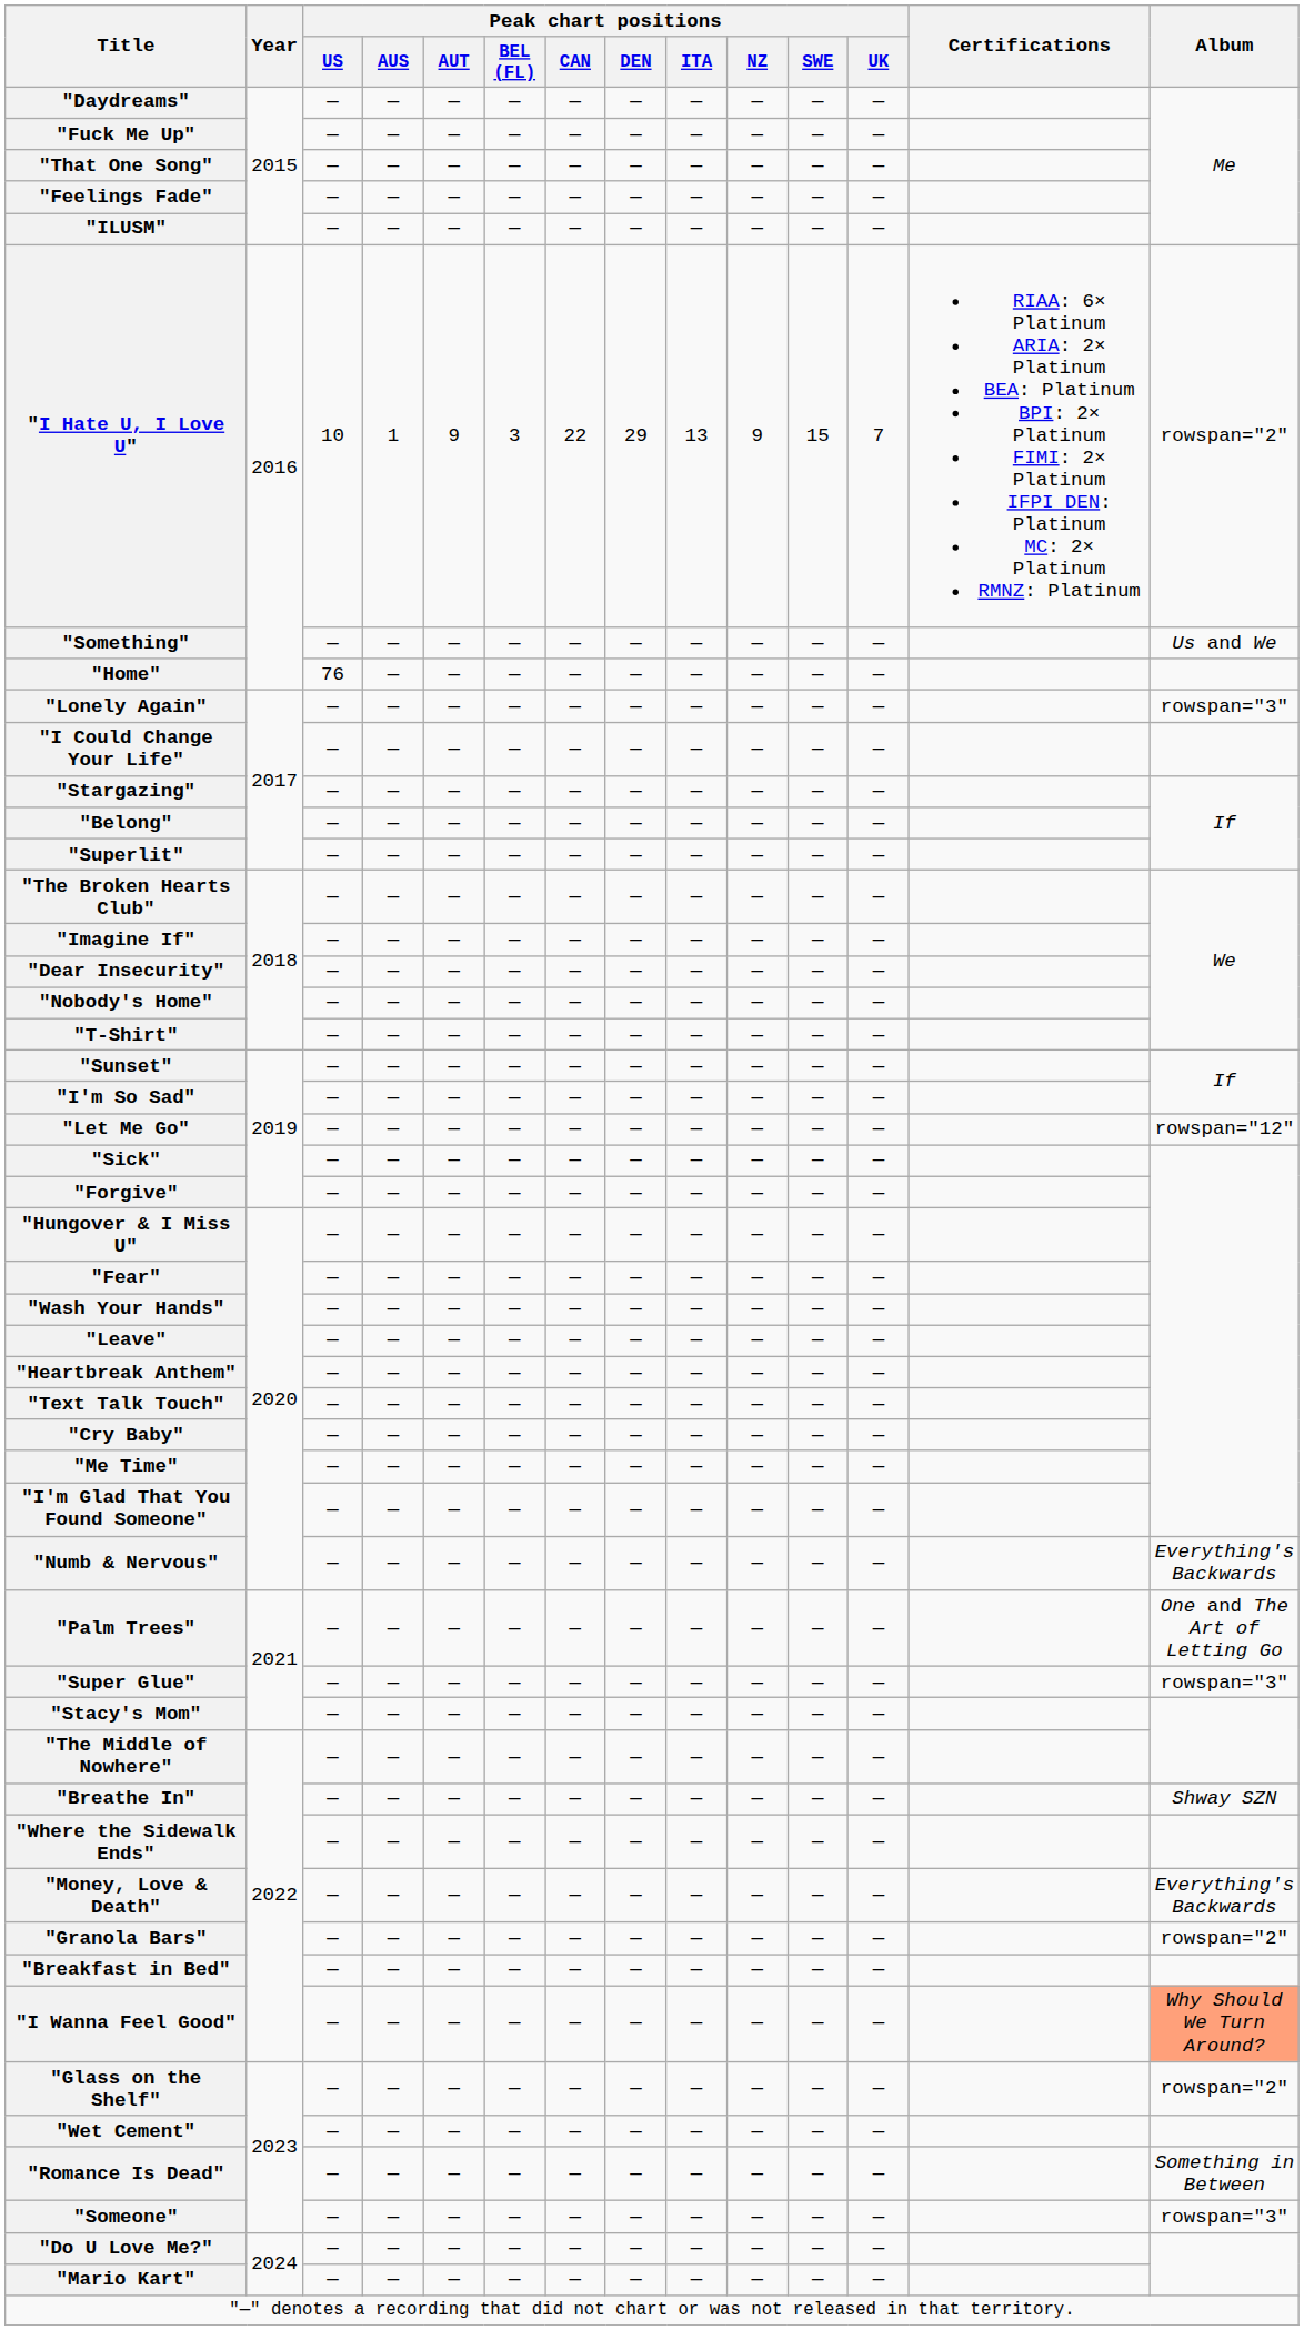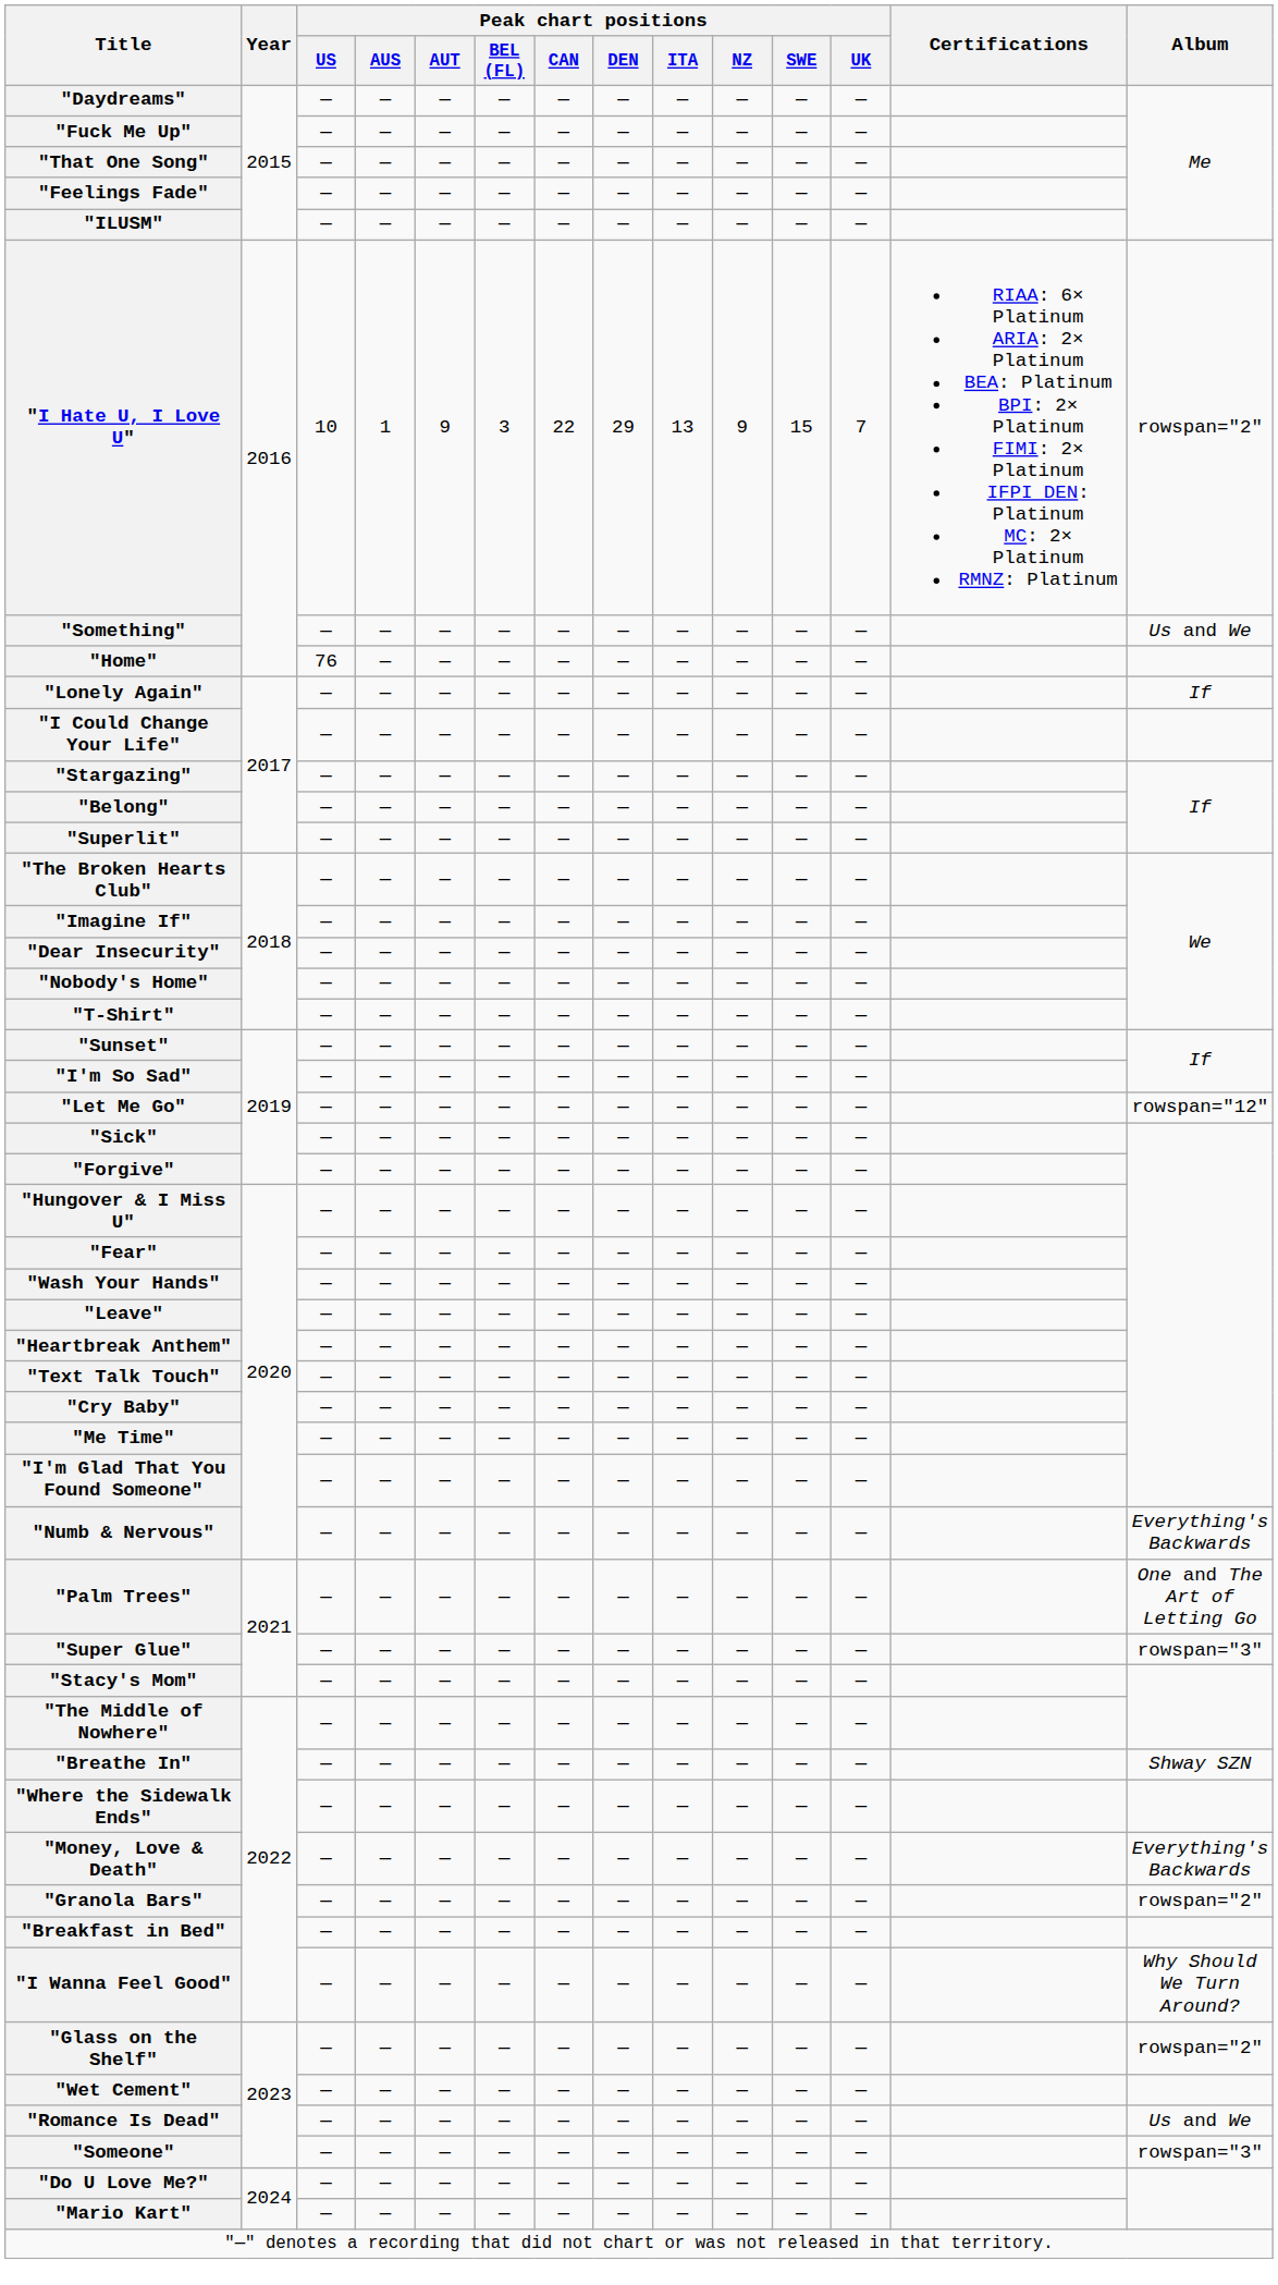 <table class="wikitable plainrowheaders" style="text-align:center;">
 <tr>
 <th scope="col" rowspan="2" style="width:12em;">Title</th>
 <th scope="col" rowspan="2" style="width:1em;">Year</th>
 <th scope="col" colspan="10">Peak chart positions</th>
 <th scope="col" rowspan="2" style="width:12em;">Certifications</th>
 <th scope="col" rowspan="2" style="width:6em;">Album</th>
 </tr>
 <tr>
 <th scope="col" style="width:3em;font-size:90%;"><a href='#'>US</a><br></th>
 <th scope="col" style="width:3em;font-size:90%;"><a href='#'>AUS</a><br></th>
 <th scope="col" style="width:3em;font-size:90%;"><a href='#'>AUT</a><br></th>
 <th scope="col" style="width:3em;font-size:90%;"><a href='#'>BEL<br>(FL)</a><br></th>
 <th scope="col" style="width:3em;font-size:90%;"><a href='#'>CAN</a><br></th>
 <th scope="col" style="width:3em;font-size:90%;"><a href='#'>DEN</a><br></th>
 <th scope="col" style="width:3em;font-size:90%;"><a href='#'>ITA</a><br></th>
 <th scope="col" style="width:3em;font-size:90%;"><a href='#'>NZ</a><br></th>
 <th scope="col" style="width:3em;font-size:90%;"><a href='#'>SWE</a><br></th>
 <th scope="col" style="width:3em;font-size:90%;"><a href='#'>UK</a><br></th>
 </tr>
 <tr>
 <th scope="row">"Daydreams" <br> </th>
 <td rowspan="5">2015</td>
 <td>—</td>
 <td>—</td>
 <td>—</td>
 <td>—</td>
 <td>—</td>
 <td>—</td>
 <td>—</td>
 <td>—</td>
 <td>—</td>
 <td>—</td>
 <td></td>
 <td rowspan="5"><em>Me</em></td>
 </tr>
 <tr>
 <th scope="row">"Fuck Me Up" </th>
 <td>—</td>
 <td>—</td>
 <td>—</td>
 <td>—</td>
 <td>—</td>
 <td>—</td>
 <td>—</td>
 <td>—</td>
 <td>—</td>
 <td>—</td>
 <td></td>
 </tr>
 <tr>
 <th scope="row">"That One Song" <br> </th>
 <td>—</td>
 <td>—</td>
 <td>—</td>
 <td>—</td>
 <td>—</td>
 <td>—</td>
 <td>—</td>
 <td>—</td>
 <td>—</td>
 <td>—</td>
 <td></td>
 </tr>
 <tr>
 <th scope="row">"Feelings Fade" <br> </th>
 <td>—</td>
 <td>—</td>
 <td>—</td>
 <td>—</td>
 <td>—</td>
 <td>—</td>
 <td>—</td>
 <td>—</td>
 <td>—</td>
 <td>—</td>
 <td></td>
 </tr>
 <tr>
 <th scope="row">"ILUSM"</th>
 <td>—</td>
 <td>—</td>
 <td>—</td>
 <td>—</td>
 <td>—</td>
 <td>—</td>
 <td>—</td>
 <td>—</td>
 <td>—</td>
 <td>—</td>
 <td></td>
 </tr>
 <tr>
 <th scope="row">"<a href='#'>I Hate U, I Love U</a>"<br> </th>
 <td rowspan="3">2016</td>
 <td>10</td>
 <td>1</td>
 <td>9</td>
 <td>3</td>
 <td>22</td>
 <td>29</td>
 <td>13</td>
 <td>9</td>
 <td>15</td>
 <td>7</td>
 <td><br><ul><li><a href='#'>RIAA</a>: 6× Platinum</li><li><a href='#'>ARIA</a>: 2× Platinum</li><li><a href='#'>BEA</a>: Platinum</li><li><a href='#'>BPI</a>: 2× Platinum</li><li><a href='#'>FIMI</a>: 2× Platinum</li><li><a href='#'>IFPI DEN</a>: Platinum</li><li><a href='#'>MC</a>: 2× Platinum</li><li><a href='#'>RMNZ</a>: Platinum</li></ul></td>
 <td>rowspan="2" </td>
 </tr>
 <tr>
 <th scope="row">"Something"</th>
 <td>—</td>
 <td>—</td>
 <td>—</td>
 <td>—</td>
 <td>—</td>
 <td>—</td>
 <td>—</td>
 <td>—</td>
 <td>—</td>
 <td>—</td>
 <td></td>
 <td><em>Us</em> and <em>We</em></td>
 </tr>
 <tr>
 <th scope="row">"Home"<br> </th>
 <td>76</td>
 <td>—</td>
 <td>—</td>
 <td>—</td>
 <td>—</td>
 <td>—</td>
 <td>—</td>
 <td>—</td>
 <td>—</td>
 <td>—</td>
 <td></td>
 </tr>
 <tr>
 <th scope="row">"Lonely Again"</th>
 <td rowspan="5">2017</td>
 <td>—</td>
 <td>—</td>
 <td>—</td>
 <td>—</td>
 <td>—</td>
 <td>—</td>
 <td>—</td>
 <td>—</td>
 <td>—</td>
 <td>—</td>
 <td></td>
-<td>rowspan="3" </td>
+<td><em>If</em></td>
 </tr>
 <tr>
 <th scope="row">"I Could Change Your Life"</th>
 <td>—</td>
 <td>—</td>
 <td>—</td>
 <td>—</td>
 <td>—</td>
 <td>—</td>
 <td>—</td>
 <td>—</td>
 <td>—</td>
 <td>—</td>
 <td></td>
 <td></td>
 </tr>
 <tr>
 <th scope="row">"Stargazing"<br> </th>
 <td>—</td>
 <td>—</td>
 <td>—</td>
 <td>—</td>
 <td>—</td>
 <td>—</td>
 <td>—</td>
 <td>—</td>
 <td>—</td>
 <td>—</td>
 <td></td>
 <td rowspan="3"><em>If</em></td>
 </tr>
 <tr>
 <th scope="row">"Belong"<br> </th>
 <td>—</td>
 <td>—</td>
 <td>—</td>
 <td>—</td>
 <td>—</td>
 <td>—</td>
 <td>—</td>
 <td>—</td>
 <td>—</td>
 <td>—</td>
 <td></td>
 </tr>
 <tr>
 <th scope="row">"Superlit"<br> </th>
 <td>—</td>
 <td>—</td>
 <td>—</td>
 <td>—</td>
 <td>—</td>
 <td>—</td>
 <td>—</td>
 <td>—</td>
 <td>—</td>
 <td>—</td>
 <td></td>
 </tr>
 <tr>
 <th scope="row">"The Broken Hearts Club"</th>
 <td rowspan="5">2018</td>
 <td>—</td>
 <td>—</td>
 <td>—</td>
 <td>—</td>
 <td>—</td>
 <td>—</td>
 <td>—</td>
 <td>—</td>
 <td>—</td>
 <td>—</td>
 <td></td>
 <td rowspan="5"><em>We</em></td>
 </tr>
 <tr>
 <th scope="row">"Imagine If"<br></th>
 <td>—</td>
 <td>—</td>
 <td>—</td>
 <td>—</td>
 <td>—</td>
 <td>—</td>
 <td>—</td>
 <td>—</td>
 <td>—</td>
 <td>—</td>
 <td></td>
 </tr>
 <tr>
 <th scope="row">"Dear Insecurity"<br></th>
 <td>—</td>
 <td>—</td>
 <td>—</td>
 <td>—</td>
 <td>—</td>
 <td>—</td>
 <td>—</td>
 <td>—</td>
 <td>—</td>
 <td>—</td>
 <td></td>
 </tr>
 <tr>
 <th scope="row">"Nobody's Home"</th>
 <td>—</td>
 <td>—</td>
 <td>—</td>
 <td>—</td>
 <td>—</td>
 <td>—</td>
 <td>—</td>
 <td>—</td>
 <td>—</td>
 <td>—</td>
 <td></td>
 </tr>
 <tr>
 <th scope="row">"T-Shirt"</th>
 <td>—</td>
 <td>—</td>
 <td>—</td>
 <td>—</td>
 <td>—</td>
 <td>—</td>
 <td>—</td>
 <td>—</td>
 <td>—</td>
 <td>—</td>
 <td></td>
 </tr>
 <tr>
 <th scope="row">"Sunset"</th>
 <td rowspan="5">2019</td>
 <td>—</td>
 <td>—</td>
 <td>—</td>
 <td>—</td>
 <td>—</td>
 <td>—</td>
 <td>—</td>
 <td>—</td>
 <td>—</td>
 <td>—</td>
 <td></td>
 <td rowspan="2"><em>If</em></td>
 </tr>
 <tr>
 <th scope="row">"I'm So Sad"</th>
 <td>—</td>
 <td>—</td>
 <td>—</td>
 <td>—</td>
 <td>—</td>
 <td>—</td>
 <td>—</td>
 <td>—</td>
 <td>—</td>
 <td>—</td>
 <td></td>
 </tr>
 <tr>
 <th scope="row">"Let Me Go"<br></th>
 <td>—</td>
 <td>—</td>
 <td>—</td>
 <td>—</td>
 <td>—</td>
 <td>—</td>
 <td>—</td>
 <td>—</td>
 <td>—</td>
 <td>—</td>
 <td></td>
 <td>rowspan="12" </td>
 </tr>
 <tr>
 <th scope="row">"Sick"<br></th>
 <td>—</td>
 <td>—</td>
 <td>—</td>
 <td>—</td>
 <td>—</td>
 <td>—</td>
 <td>—</td>
 <td>—</td>
 <td>—</td>
 <td>—</td>
 <td></td>
 </tr>
 <tr>
 <th scope="row">"Forgive"</th>
 <td>—</td>
 <td>—</td>
 <td>—</td>
 <td>—</td>
 <td>—</td>
 <td>—</td>
 <td>—</td>
 <td>—</td>
 <td>—</td>
 <td>—</td>
 <td></td>
 </tr>
 <tr>
 <th scope="row">"Hungover & I Miss U"</th>
 <td rowspan="10">2020</td>
 <td>—</td>
 <td>—</td>
 <td>—</td>
 <td>—</td>
 <td>—</td>
 <td>—</td>
 <td>—</td>
 <td>—</td>
 <td>—</td>
 <td>—</td>
 <td></td>
 </tr>
 <tr>
 <th scope="row">"Fear"</th>
 <td>—</td>
 <td>—</td>
 <td>—</td>
 <td>—</td>
 <td>—</td>
 <td>—</td>
 <td>—</td>
 <td>—</td>
 <td>—</td>
 <td>—</td>
 <td></td>
 </tr>
 <tr>
 <th scope="row">"Wash Your Hands"<br></th>
 <td>—</td>
 <td>—</td>
 <td>—</td>
 <td>—</td>
 <td>—</td>
 <td>—</td>
 <td>—</td>
 <td>—</td>
 <td>—</td>
 <td>—</td>
 <td></td>
 </tr>
 <tr>
 <th scope="row">"Leave"</th>
 <td>—</td>
 <td>—</td>
 <td>—</td>
 <td>—</td>
 <td>—</td>
 <td>—</td>
 <td>—</td>
 <td>—</td>
 <td>—</td>
 <td>—</td>
 <td></td>
 </tr>
 <tr>
 <th scope="row">"Heartbreak Anthem"<br></th>
 <td>—</td>
 <td>—</td>
 <td>—</td>
 <td>—</td>
 <td>—</td>
 <td>—</td>
 <td>—</td>
 <td>—</td>
 <td>—</td>
 <td>—</td>
 <td></td>
 </tr>
 <tr>
 <th scope="row">"Text Talk Touch"<br></th>
 <td>—</td>
 <td>—</td>
 <td>—</td>
 <td>—</td>
 <td>—</td>
 <td>—</td>
 <td>—</td>
 <td>—</td>
 <td>—</td>
 <td>—</td>
 <td></td>
 </tr>
 <tr>
 <th scope="row">"Cry Baby"<br></th>
 <td>—</td>
 <td>—</td>
 <td>—</td>
 <td>—</td>
 <td>—</td>
 <td>—</td>
 <td>—</td>
 <td>—</td>
 <td>—</td>
 <td>—</td>
 <td></td>
 </tr>
 <tr>
 <th scope="row">"Me Time"<br></th>
 <td>—</td>
 <td>—</td>
 <td>—</td>
 <td>—</td>
 <td>—</td>
 <td>—</td>
 <td>—</td>
 <td>—</td>
 <td>—</td>
 <td>—</td>
 <td></td>
 </tr>
 <tr>
 <th scope="row">"I'm Glad That You Found Someone"<br></th>
 <td>—</td>
 <td>—</td>
 <td>—</td>
 <td>—</td>
 <td>—</td>
 <td>—</td>
 <td>—</td>
 <td>—</td>
 <td>—</td>
 <td>—</td>
 <td></td>
 </tr>
 <tr>
 <th scope="row">"Numb & Nervous"<br></th>
 <td>—</td>
 <td>—</td>
 <td>—</td>
 <td>—</td>
 <td>—</td>
 <td>—</td>
 <td>—</td>
 <td>—</td>
 <td>—</td>
 <td>—</td>
 <td></td>
 <td><em>Everything's Backwards</em></td>
 </tr>
 <tr>
 <th scope="row">"Palm Trees"</th>
 <td rowspan="3">2021</td>
 <td>—</td>
 <td>—</td>
 <td>—</td>
 <td>—</td>
 <td>—</td>
 <td>—</td>
 <td>—</td>
 <td>—</td>
 <td>—</td>
 <td>—</td>
 <td></td>
 <td><em>One</em> and <em>The Art of Letting Go</em></td>
 </tr>
 <tr>
 <th scope="row">"Super Glue"<br></th>
 <td>—</td>
 <td>—</td>
 <td>—</td>
 <td>—</td>
 <td>—</td>
 <td>—</td>
 <td>—</td>
 <td>—</td>
 <td>—</td>
 <td>—</td>
 <td></td>
 <td>rowspan="3" </td>
 </tr>
 <tr>
 <th scope="row">"Stacy's Mom"</th>
 <td>—</td>
 <td>—</td>
 <td>—</td>
 <td>—</td>
 <td>—</td>
 <td>—</td>
 <td>—</td>
 <td>—</td>
 <td>—</td>
 <td>—</td>
 <td></td>
 </tr>
 <tr>
 <th scope="row">"The Middle of Nowhere"</th>
 <td rowspan="7">2022</td>
 <td>—</td>
 <td>—</td>
 <td>—</td>
 <td>—</td>
 <td>—</td>
 <td>—</td>
 <td>—</td>
 <td>—</td>
 <td>—</td>
 <td>—</td>
 <td></td>
 </tr>
 <tr>
 <th scope="row">"Breathe In"<br></th>
 <td>—</td>
 <td>—</td>
 <td>—</td>
 <td>—</td>
 <td>—</td>
 <td>—</td>
 <td>—</td>
 <td>—</td>
 <td>—</td>
 <td>—</td>
 <td></td>
 <td><em>Shway SZN</em></td>
 </tr>
 <tr>
 <th scope="row">"Where the Sidewalk Ends"<br></th>
 <td>—</td>
 <td>—</td>
 <td>—</td>
 <td>—</td>
 <td>—</td>
 <td>—</td>
 <td>—</td>
 <td>—</td>
 <td>—</td>
 <td>—</td>
 <td></td>
 <td></td>
 </tr>
 <tr>
 <th scope="row">"Money, Love & Death"</th>
 <td>—</td>
 <td>—</td>
 <td>—</td>
 <td>—</td>
 <td>—</td>
 <td>—</td>
 <td>—</td>
 <td>—</td>
 <td>—</td>
 <td>—</td>
 <td></td>
 <td><em>Everything's Backwards</em></td>
 </tr>
 <tr>
 <th scope="row">"Granola Bars"<br></th>
 <td>—</td>
 <td>—</td>
 <td>—</td>
 <td>—</td>
 <td>—</td>
 <td>—</td>
 <td>—</td>
 <td>—</td>
 <td>—</td>
 <td>—</td>
 <td></td>
 <td>rowspan="2" </td>
 </tr>
 <tr>
 <th scope="row">"Breakfast in Bed"<br></th>
 <td>—</td>
 <td>—</td>
 <td>—</td>
 <td>—</td>
 <td>—</td>
 <td>—</td>
 <td>—</td>
 <td>—</td>
 <td>—</td>
 <td>—</td>
 <td></td>
 </tr>
 <tr>
 <th scope="row">"I Wanna Feel Good"<br></th>
 <td>—</td>
 <td>—</td>
 <td>—</td>
 <td>—</td>
 <td>—</td>
 <td>—</td>
 <td>—</td>
 <td>—</td>
 <td>—</td>
 <td>—</td>
 <td></td>
-<td style="background: lightsalmon;"><em>Why Should We Turn Around?</em></td>
+<td><em>Why Should We Turn Around?</em></td>
 </tr>
 <tr>
 <th scope="row">"Glass on the Shelf"<br></th>
 <td rowspan="4">2023</td>
 <td>—</td>
 <td>—</td>
 <td>—</td>
 <td>—</td>
 <td>—</td>
 <td>—</td>
 <td>—</td>
 <td>—</td>
 <td>—</td>
 <td>—</td>
 <td></td>
 <td>rowspan="2" </td>
 </tr>
 <tr>
 <th scope="row">"Wet Cement"</th>
 <td>—</td>
 <td>—</td>
 <td>—</td>
 <td>—</td>
 <td>—</td>
 <td>—</td>
 <td>—</td>
 <td>—</td>
 <td>—</td>
 <td>—</td>
 <td></td>
 </tr>
 <tr>
 <th scope="row">"Romance Is Dead"<br></th>
 <td>—</td>
 <td>—</td>
 <td>—</td>
 <td>—</td>
 <td>—</td>
 <td>—</td>
 <td>—</td>
 <td>—</td>
 <td>—</td>
 <td>—</td>
 <td></td>
-<td><em>Something in Between</em></td>
+<td><em>Us</em> and <em>We</em></td>
 </tr>
 <tr>
 <th scope="row">"Someone"<br></th>
 <td>—</td>
 <td>—</td>
 <td>—</td>
 <td>—</td>
 <td>—</td>
 <td>—</td>
 <td>—</td>
 <td>—</td>
 <td>—</td>
 <td>—</td>
 <td></td>
 <td>rowspan="3" </td>
 </tr>
 <tr>
 <th scope="row">"Do U Love Me?"<br></th>
 <td rowspan="2">2024</td>
 <td>—</td>
 <td>—</td>
 <td>—</td>
 <td>—</td>
 <td>—</td>
 <td>—</td>
 <td>—</td>
 <td>—</td>
 <td>—</td>
 <td>—</td>
 <td></td>
 </tr>
 <tr>
 <th scope="row">"Mario Kart"<br></th>
 <td>—</td>
 <td>—</td>
 <td>—</td>
 <td>—</td>
 <td>—</td>
 <td>—</td>
 <td>—</td>
 <td>—</td>
 <td>—</td>
 <td>—</td>
 <td></td>
 </tr>
 <tr>
 <td colspan="14" style="font-size:90%">"—" denotes a recording that did not chart or was not released in that territory.</td>
 </tr>
 </table>
